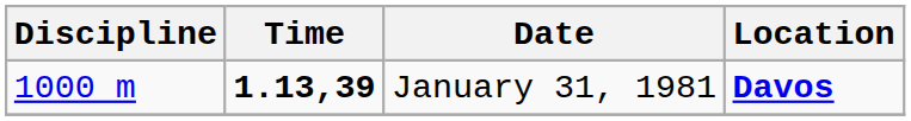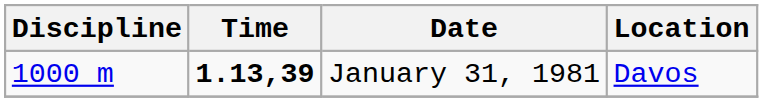 <table class='wikitable'>
 <tr>
 <th>Discipline</th>
 <th>Time</th>
 <th>Date</th>
 <th>Location</th>
 </tr>
 <tr>
 <td><a href='#'>1000 m</a></td>
 <td><strong>1.13,39</strong></td>
 <td>January 31, 1981</td>
-<td align=left><strong> <a href='#'>Davos</a></strong></td>
+<td align=left> <a href='#'>Davos</a></td>
 </tr>
 <tr Davos>
 </tr>
 </table>
